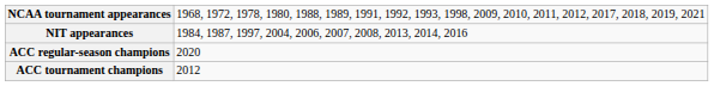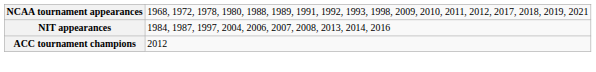 <table class="wikitable">
 <tr>
 <th>NCAA tournament appearances</th>
 <td>1968, 1972, 1978, 1980, 1988, 1989, 1991, 1992, 1993, 1998, 2009, 2010, 2011, 2012, 2017, 2018, 2019, 2021</td>
 </tr>
 <tr>
 <th>NIT appearances</th>
 <td>1984, 1987, 1997, 2004, 2006, 2007, 2008, 2013, 2014, 2016</td>
 </tr>
 <tr>
-<th>ACC regular-season champions</th>
-<td>2020</td>
-</tr>
-<tr>
 <th>ACC tournament champions</th>
 <td>2012</td>
 </tr>
 </table>
